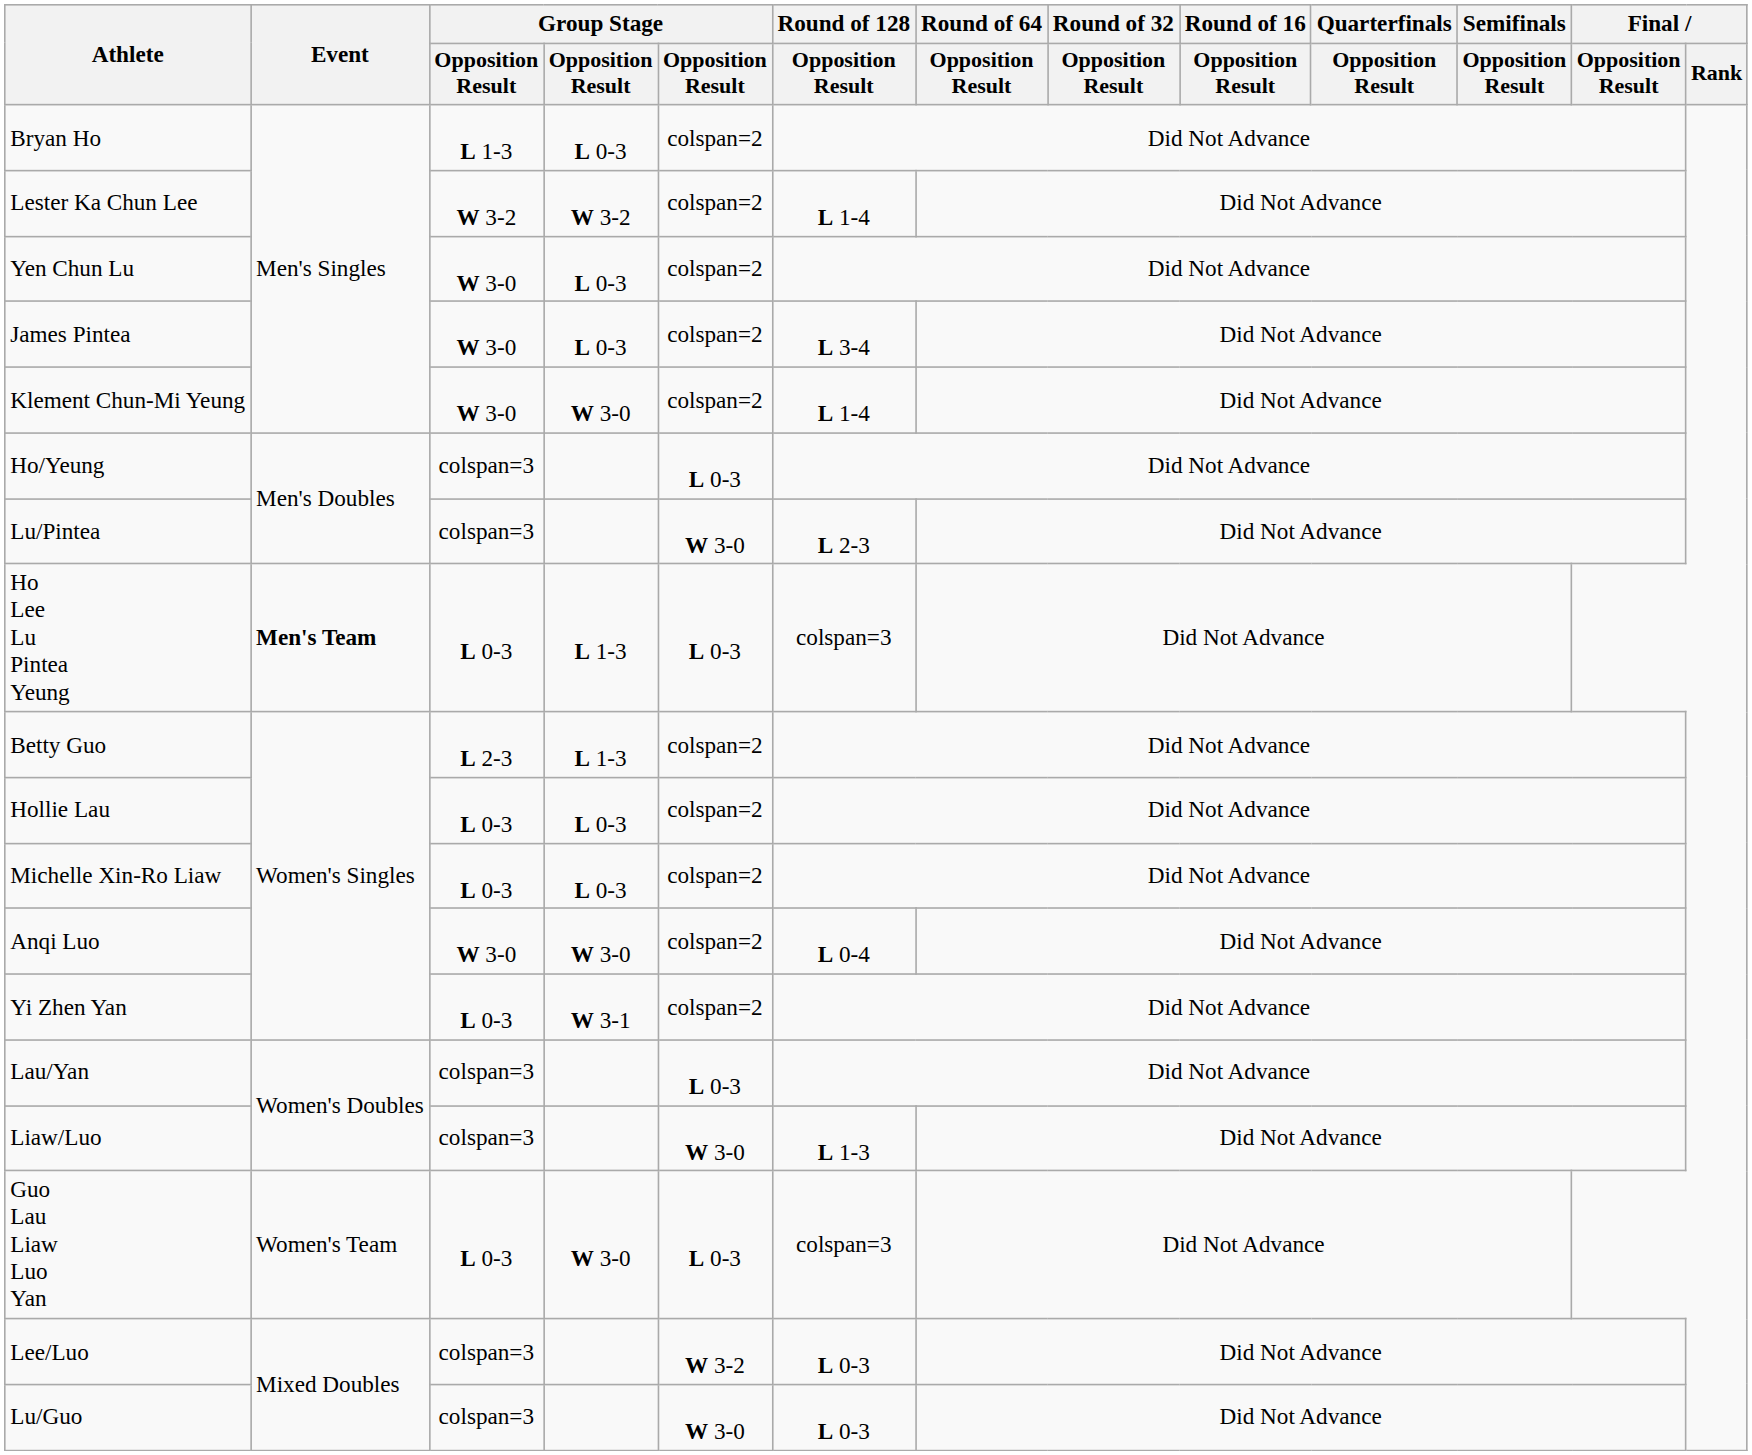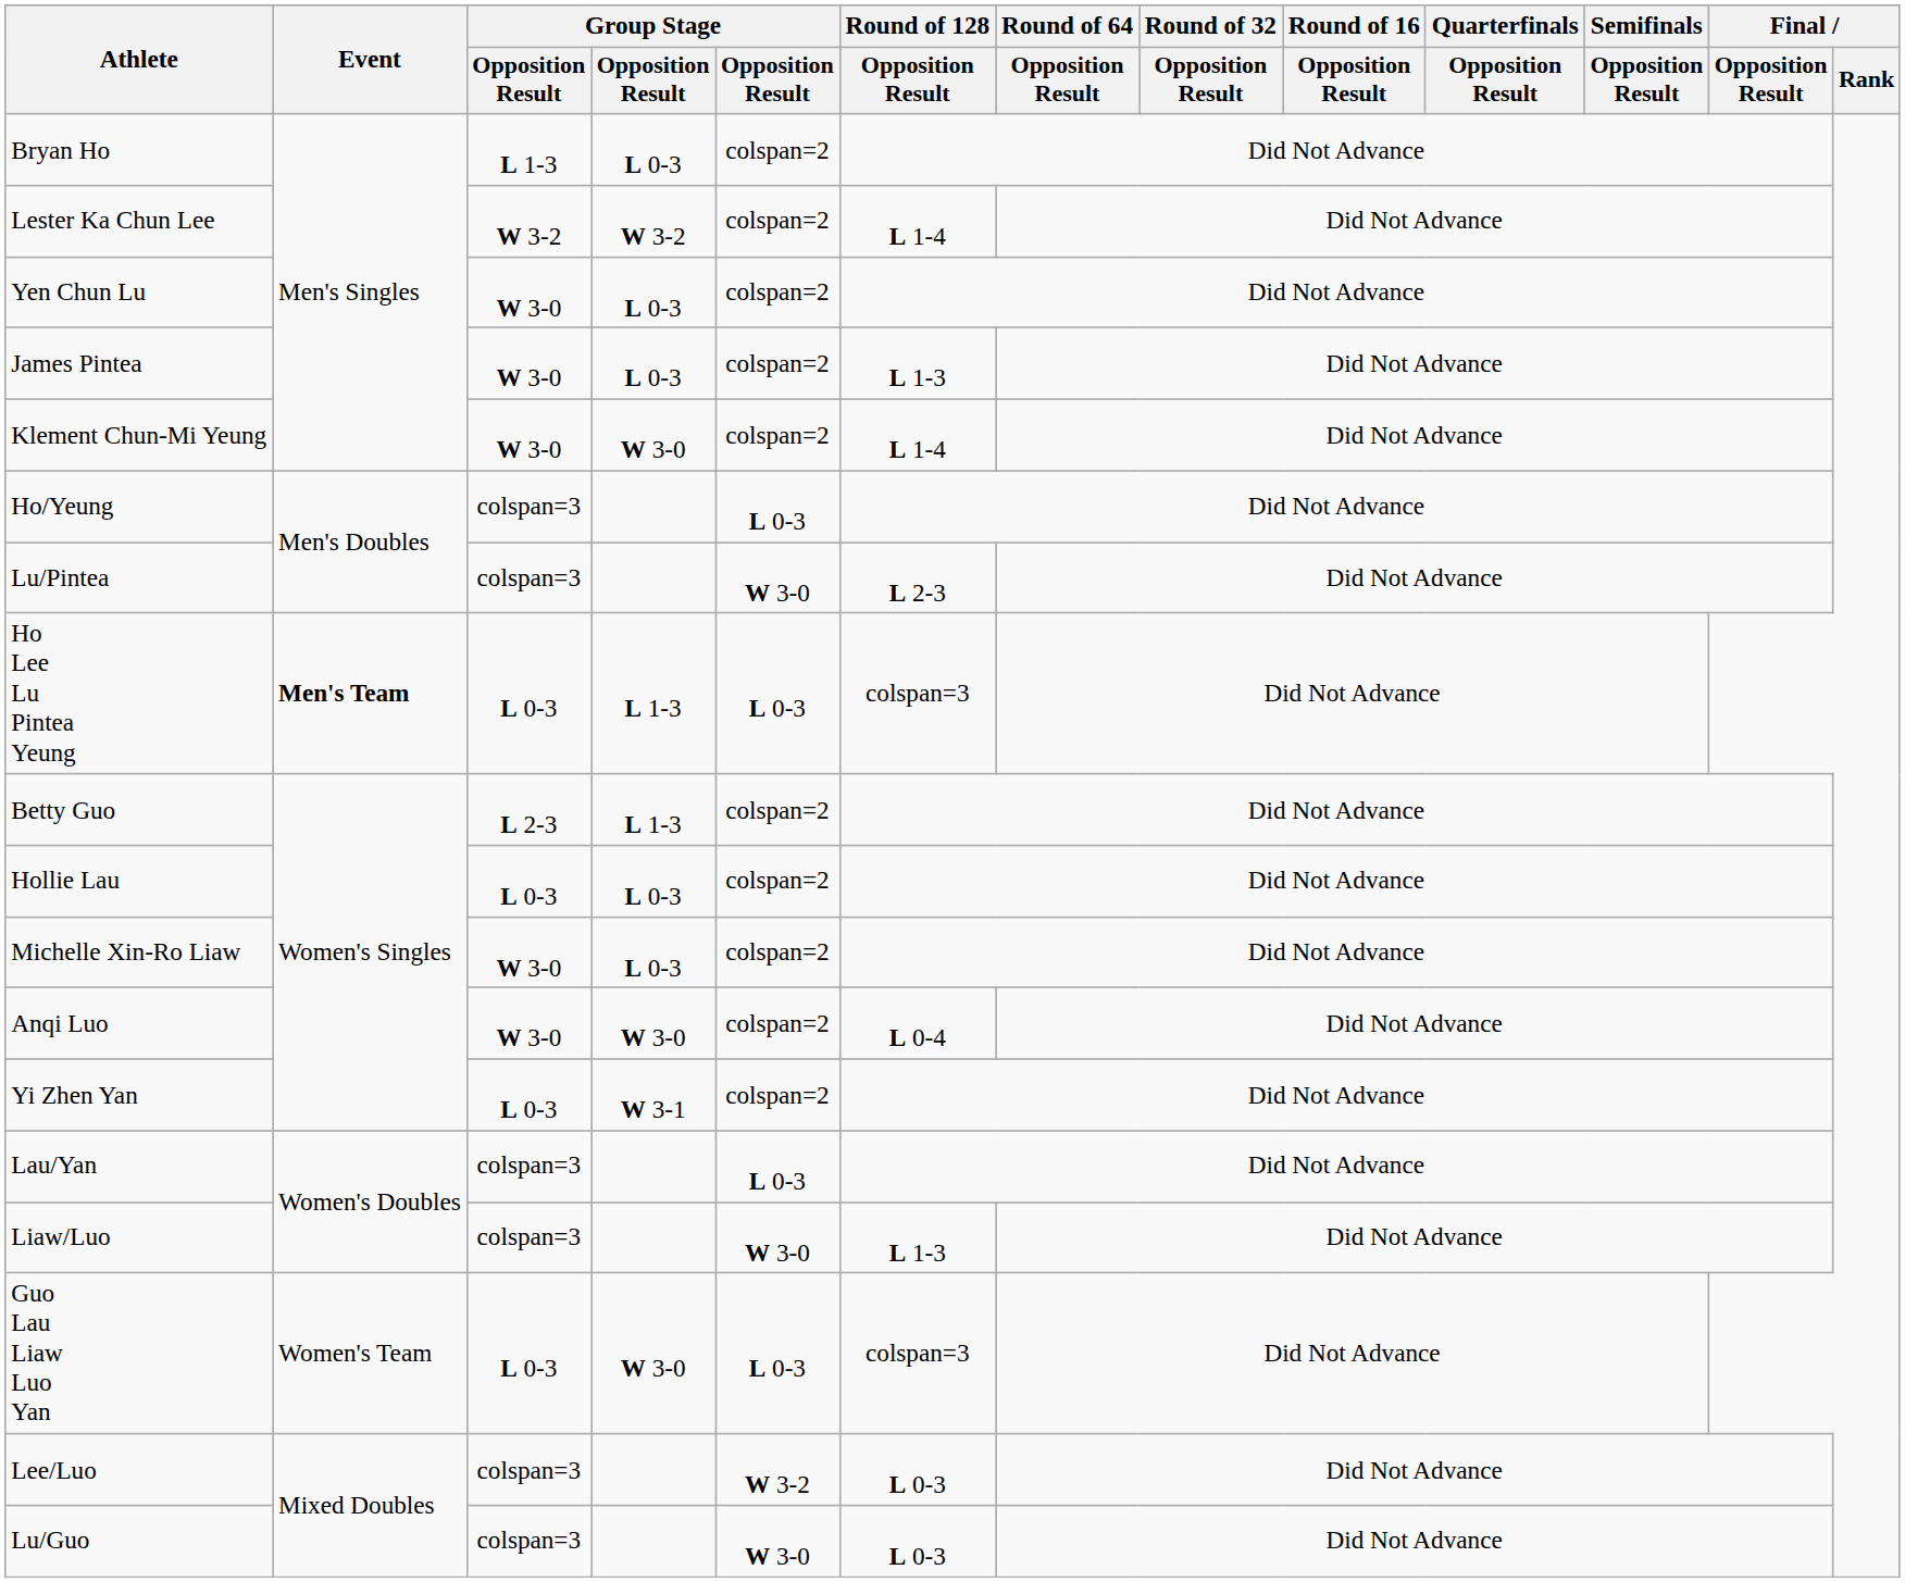 <table class="wikitable" style="font-size:90%;">
 <tr>
 <th rowspan=2>Athlete</th>
 <th rowspan=2>Event</th>
 <th colspan=3>Group Stage</th>
 <th>Round of 128</th>
 <th>Round of 64</th>
 <th>Round of 32</th>
 <th>Round of 16</th>
 <th>Quarterfinals</th>
 <th>Semifinals</th>
 <th colspan=2>Final / </th>
 </tr>
 <tr style="font-size:95%">
 <th>Opposition<br>Result</th>
 <th>Opposition<br>Result</th>
 <th>Opposition<br>Result</th>
 <th>Opposition<br>Result</th>
 <th>Opposition<br>Result</th>
 <th>Opposition<br>Result</th>
 <th>Opposition<br>Result</th>
 <th>Opposition<br>Result</th>
 <th>Opposition<br>Result</th>
 <th>Opposition<br>Result</th>
 <th>Rank</th>
 </tr>
 <tr align=center>
 <td align=left>Bryan Ho</td>
 <td align=left rowspan=5>Men's Singles</td>
 <td><br><strong>L</strong> 1-3</td>
 <td><br><strong>L</strong> 0-3</td>
 <td>colspan=2 </td>
 <td colspan=7>Did Not Advance</td>
 </tr>
 <tr align=center>
 <td align=left>Lester Ka Chun Lee</td>
 <td><br><strong>W</strong> 3-2</td>
 <td><br><strong>W</strong> 3-2</td>
 <td>colspan=2 </td>
 <td><br><strong>L</strong> 1-4</td>
 <td colspan=6>Did Not Advance</td>
 </tr>
 <tr align=center>
 <td align=left>Yen Chun Lu</td>
 <td><br><strong>W</strong> 3-0</td>
 <td><br><strong>L</strong> 0-3</td>
 <td>colspan=2 </td>
 <td colspan=7>Did Not Advance</td>
 </tr>
 <tr align=center>
 <td align=left>James Pintea</td>
 <td><br><strong>W</strong> 3-0</td>
 <td><br><strong>L</strong> 0-3</td>
 <td>colspan=2 </td>
-<td><br><strong>L</strong> 3-4</td>
+<td><br><strong>L</strong> 1-3</td>
 <td colspan=6>Did Not Advance</td>
 </tr>
 <tr align=center>
 <td align=left>Klement Chun-Mi Yeung</td>
 <td><br><strong>W</strong> 3-0</td>
 <td><br><strong>W</strong> 3-0</td>
 <td>colspan=2 </td>
 <td><br><strong>L</strong> 1-4</td>
 <td colspan=6>Did Not Advance</td>
 </tr>
 <tr align=center>
 <td align=left>Ho/Yeung</td>
 <td align=left rowspan=2>Men's Doubles</td>
 <td>colspan=3 </td>
 <td></td>
 <td><br><strong>L</strong> 0-3</td>
 <td colspan=7>Did Not Advance</td>
 </tr>
 <tr align=center>
 <td align=left>Lu/Pintea</td>
 <td>colspan=3 </td>
 <td></td>
 <td><br><strong>W</strong> 3-0</td>
 <td><br><strong>L</strong> 2-3</td>
 <td colspan=6>Did Not Advance</td>
 </tr>
 <tr align=center>
 <td align=left>Ho<br>Lee<br>Lu<br>Pintea<br>Yeung</td>
 <td align=left><strong>Men's Team</strong></td>
 <td><br><strong>L</strong> 0-3</td>
 <td><br><strong>L</strong> 1-3</td>
 <td><br><strong>L</strong> 0-3</td>
 <td>colspan=3 </td>
 <td colspan=5>Did Not Advance</td>
 </tr>
 <tr align=center>
 <td align=left>Betty Guo</td>
 <td align=left rowspan=5>Women's Singles</td>
 <td><br><strong>L</strong> 2-3</td>
 <td><br><strong>L</strong> 1-3</td>
 <td>colspan=2 </td>
 <td colspan=7>Did Not Advance</td>
 </tr>
 <tr align=center>
 <td align=left>Hollie Lau</td>
 <td><br><strong>L</strong> 0-3</td>
 <td><br><strong>L</strong> 0-3</td>
 <td>colspan=2 </td>
 <td colspan=7>Did Not Advance</td>
 </tr>
 <tr align=center>
 <td align=left>Michelle Xin-Ro Liaw</td>
-<td><br><strong>L</strong> 0-3</td>
+<td><br><strong>W</strong> 3-0</td>
 <td><br><strong>L</strong> 0-3</td>
 <td>colspan=2 </td>
 <td colspan=7>Did Not Advance</td>
 </tr>
 <tr align=center>
 <td align=left>Anqi Luo</td>
 <td><br><strong>W</strong> 3-0</td>
 <td><br><strong>W</strong> 3-0</td>
 <td>colspan=2 </td>
 <td><br><strong>L</strong> 0-4</td>
 <td colspan=6>Did Not Advance</td>
 </tr>
 <tr align=center>
 <td align=left>Yi Zhen Yan</td>
 <td><br><strong>L</strong> 0-3</td>
 <td><br><strong>W</strong> 3-1</td>
 <td>colspan=2 </td>
 <td colspan=7>Did Not Advance</td>
 </tr>
 <tr align=center>
 <td align=left>Lau/Yan</td>
 <td align=left rowspan=2>Women's Doubles</td>
 <td>colspan=3 </td>
 <td></td>
 <td><br><strong>L</strong> 0-3</td>
 <td colspan=7>Did Not Advance</td>
 </tr>
 <tr align=center>
 <td align=left>Liaw/Luo</td>
 <td>colspan=3 </td>
 <td></td>
 <td><br><strong>W</strong> 3-0</td>
 <td><br><strong>L</strong> 1-3</td>
 <td colspan=6>Did Not Advance</td>
 </tr>
 <tr align=center>
 <td align=left>Guo<br>Lau<br>Liaw<br>Luo<br>Yan</td>
 <td align=left>Women's Team</td>
 <td><br><strong>L</strong> 0-3</td>
 <td><br><strong>W</strong> 3-0</td>
 <td><br><strong>L</strong> 0-3</td>
 <td>colspan=3 </td>
 <td colspan=5>Did Not Advance</td>
 </tr>
 <tr align=center>
 <td align=left>Lee/Luo</td>
 <td align=left rowspan=2>Mixed Doubles</td>
 <td>colspan=3 </td>
 <td></td>
 <td><br><strong>W</strong> 3-2</td>
 <td><br><strong>L</strong> 0-3</td>
 <td colspan=6>Did Not Advance</td>
 </tr>
 <tr align=center>
 <td align=left>Lu/Guo</td>
 <td>colspan=3 </td>
 <td></td>
 <td><br><strong>W</strong> 3-0</td>
 <td><br><strong>L</strong> 0-3</td>
 <td colspan=6>Did Not Advance</td>
 </tr>
 </table>
